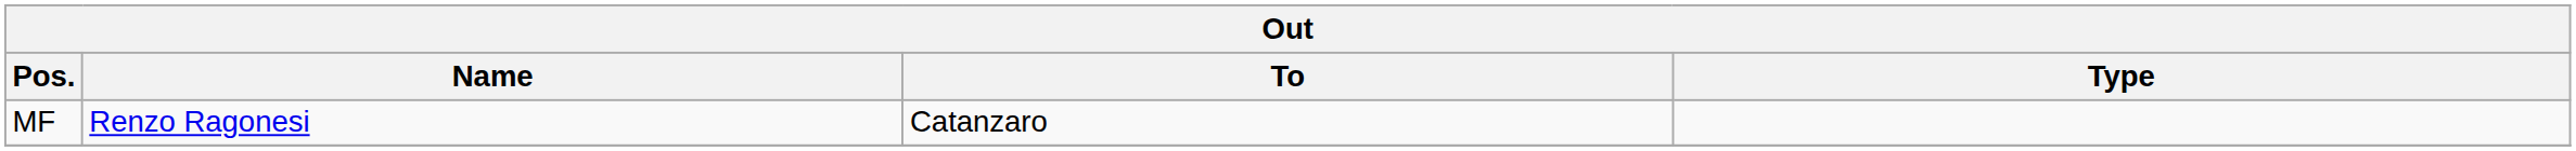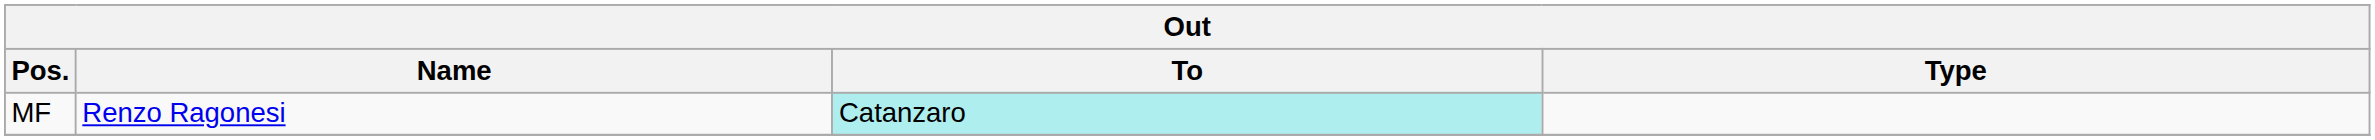 <table class="wikitable" style="font-size:90%;">
 <tr>
 <th colspan="4">Out</th>
 </tr>
 <tr>
 <th width="3%">Pos.</th>
 <th width="32%">Name</th>
 <th width="30%">To</th>
 <th width="35%">Type</th>
 </tr>
 <tr>
 <td>MF</td>
 <td><a href='#'>Renzo Ragonesi</a></td>
-<td>Catanzaro</td>
+<td style="background: paleturquoise;">Catanzaro</td>
 <td></td>
 </tr>
 <tr>
 </tr>
 </table>
